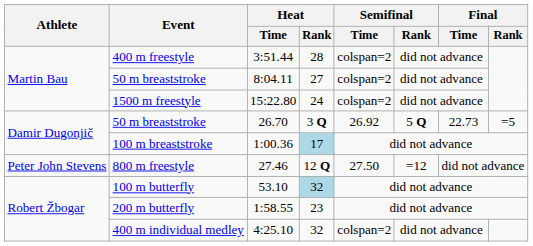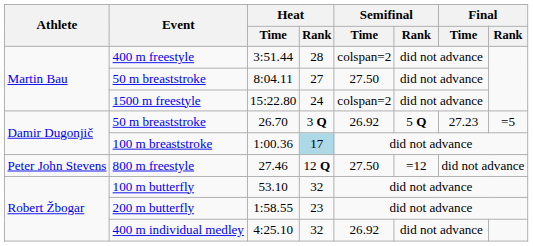 <table class=wikitable style="font-size:90%">
 <tr>
 <th rowspan="2">Athlete</th>
 <th rowspan="2">Event</th>
 <th colspan="2">Heat</th>
 <th colspan="2">Semifinal</th>
 <th colspan="2">Final</th>
 </tr>
 <tr style="font-size:95%">
 <th>Time</th>
 <th>Rank</th>
 <th>Time</th>
 <th>Rank</th>
 <th>Time</th>
 <th>Rank</th>
 </tr>
 <tr align=center>
 <td align=left rowspan=3><a href='#'>Martin Bau</a></td>
 <td align=left><a href='#'>400 m freestyle</a></td>
 <td>3:51.44</td>
 <td>28</td>
 <td>colspan=2 </td>
 <td colspan=2>did not advance</td>
 </tr>
 <tr align=center>
 <td align=left><a href='#'>50 m breaststroke</a></td>
 <td>8:04.11</td>
 <td>27</td>
-<td>colspan=2 </td>
+<td>27.50</td>
 <td colspan=2>did not advance</td>
 </tr>
 <tr align=center>
 <td align=left><a href='#'>1500 m freestyle</a></td>
 <td>15:22.80</td>
 <td>24</td>
 <td>colspan=2 </td>
 <td colspan=2>did not advance</td>
 </tr>
 <tr align=center>
 <td align=left rowspan=2><a href='#'>Damir Dugonjič</a></td>
 <td align=left><a href='#'>50 m breaststroke</a></td>
 <td>26.70</td>
 <td>3 <strong>Q</strong></td>
 <td>26.92</td>
 <td>5 <strong>Q</strong></td>
-<td>22.73</td>
+<td>27.23</td>
 <td>=5</td>
 </tr>
 <tr align=center>
 <td align=left><a href='#'>100 m breaststroke</a></td>
 <td>1:00.36</td>
 <td style="background: lightblue;">17</td>
 <td colspan=4>did not advance</td>
 </tr>
 <tr align=center>
 <td align=left><a href='#'>Peter John Stevens</a></td>
 <td align=left><a href='#'>800 m freestyle</a></td>
 <td>27.46</td>
 <td>12 <strong>Q</strong></td>
 <td>27.50</td>
 <td>=12</td>
 <td colspan=2>did not advance</td>
 </tr>
 <tr align=center>
 <td align=left rowspan=3><a href='#'>Robert Žbogar</a></td>
 <td align=left><a href='#'>100 m butterfly</a></td>
 <td>53.10</td>
-<td style="background: lightblue;">32</td>
+<td>32</td>
 <td colspan=4>did not advance</td>
 </tr>
 <tr align=center>
 <td align=left><a href='#'>200 m butterfly</a></td>
 <td>1:58.55</td>
 <td>23</td>
 <td colspan=4>did not advance</td>
 </tr>
 <tr align=center>
 <td align=left><a href='#'>400 m individual medley</a></td>
 <td>4:25.10</td>
 <td>32</td>
-<td>colspan=2 </td>
+<td>26.92</td>
 <td colspan=2>did not advance</td>
 </tr>
 </table>
